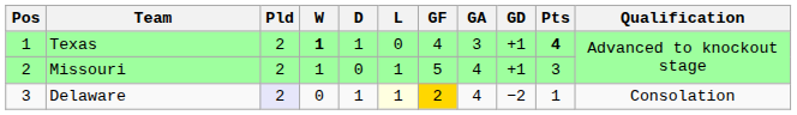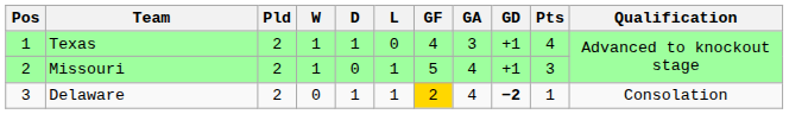 <table class="wikitable" style="text-align:center; margin: 1em auto">
 <tr>
 <th style="width:2em">Pos</th>
 <th style="width:13em">Team</th>
 <th style="width:2em">Pld</th>
 <th style="width:2em">W</th>
 <th style="width:2em">D</th>
 <th style="width:2em">L</th>
 <th style="width:2em">GF</th>
 <th style="width:2em">GA</th>
 <th style="width:2em">GD</th>
 <th style="width:2em">Pts</th>
 <th style="width:13em">Qualification</th>
 </tr>
 <tr bgcolor="#9eff9e">
 <td>1</td>
 <td style="text-align:left">Texas</td>
 <td>2</td>
-<td><strong>1</strong></td>
+<td>1</td>
 <td>1</td>
 <td>0</td>
 <td>4</td>
 <td>3</td>
 <td>+1</td>
-<td><strong>4</strong></td>
+<td>4</td>
 <td rowspan="2">Advanced to knockout stage</td>
 </tr>
 <tr bgcolor="#9eff9e">
 <td>2</td>
 <td style="text-align:left">Missouri</td>
 <td>2</td>
 <td>1</td>
 <td>0</td>
 <td>1</td>
 <td>5</td>
 <td>4</td>
 <td>+1</td>
 <td>3</td>
 </tr>
 <tr>
 <td>3</td>
 <td style="text-align:left">Delaware</td>
-<td style="background: lavender;">2</td>
+<td>2</td>
 <td>0</td>
 <td>1</td>
-<td style="background: lightyellow;">1</td>
+<td>1</td>
 <td style="background: gold;">2</td>
 <td>4</td>
-<td>−2</td>
+<td><strong>−2</strong></td>
 <td>1</td>
 <td>Consolation</td>
 </tr>
 </table>
